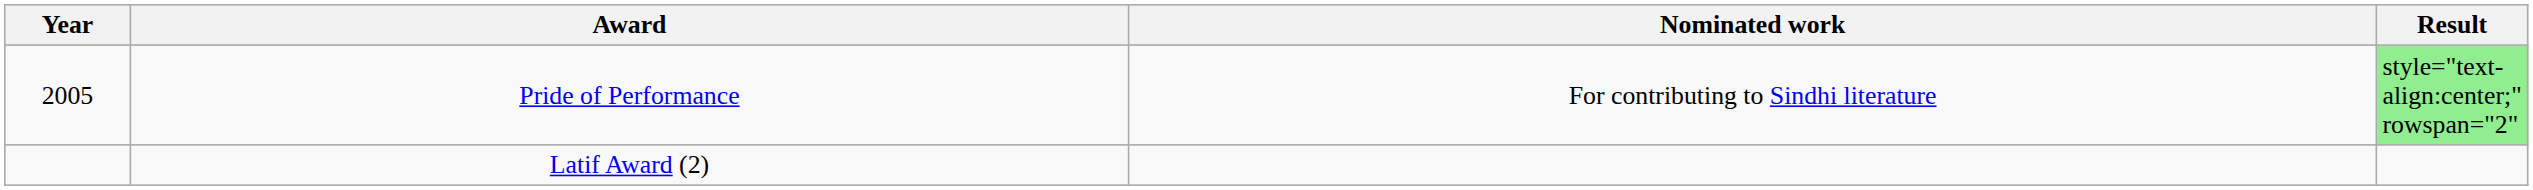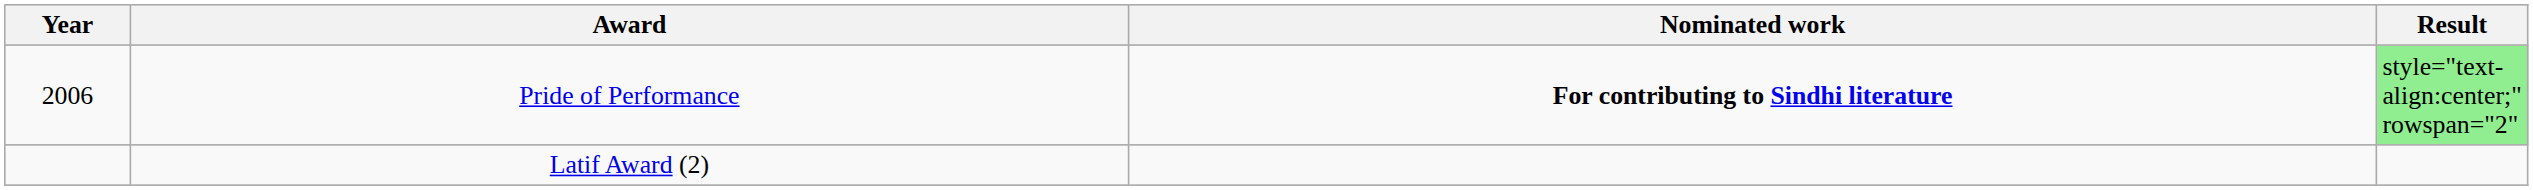 <table class="wikitable sortable">
 <tr>
 <th width=5%>Year</th>
 <th style="width:40%;">Award</th>
 <th style="width:50%;">Nominated work</th>
 <th width=5%>Result</th>
 </tr>
 <tr>
-<td style="text-align:center;">2005</td>
+<td style="text-align:center;">2006</td>
 <td style="text-align:center;"><a href='#'>Pride of Performance</a></td>
-<td style="text-align:center;">For contributing to <a href='#'>Sindhi literature</a></td>
+<td style="text-align:center;"><strong>For contributing to <a href='#'>Sindhi literature</a></strong></td>
 <td style="background: lightgreen;">style="text-align:center;" rowspan="2" </td>
 </tr>
 <tr>
 <td></td>
 <td style="text-align:center;"><a href='#'>Latif Award</a> (2)</td>
 <td></td>
 </tr>
 </table>
